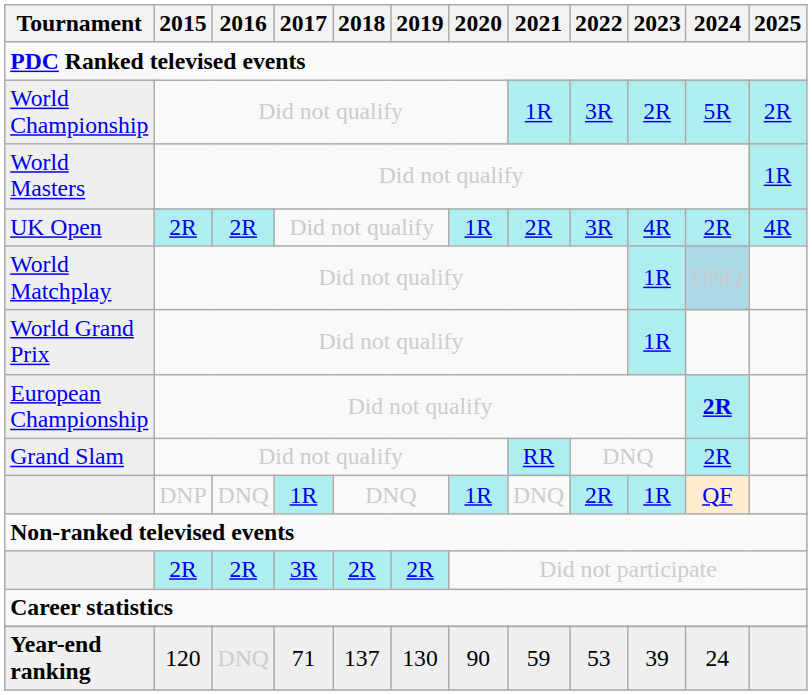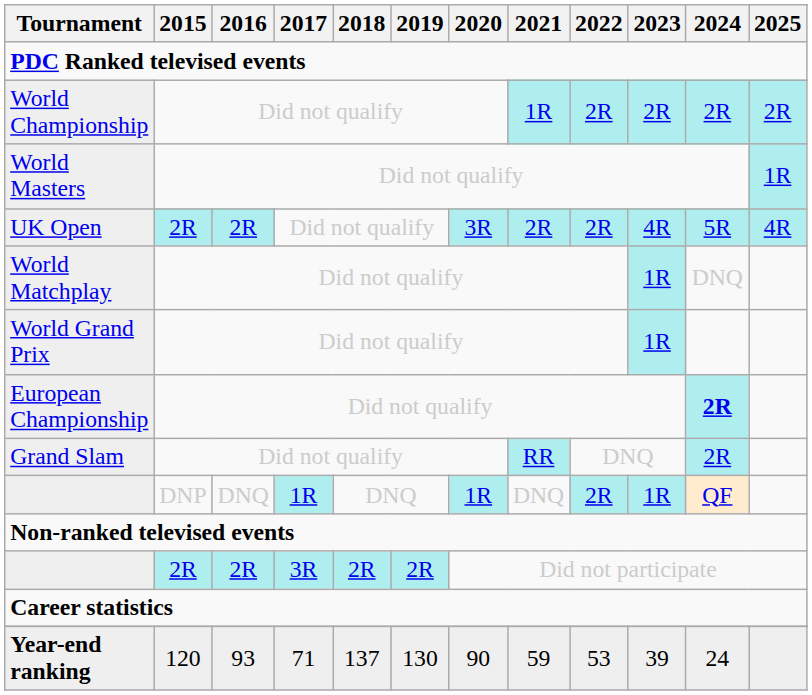 <table class="wikitable" style="width:20%; margin:0">
 <tr>
 <th>Tournament</th>
 <th>2015</th>
 <th>2016</th>
 <th>2017</th>
 <th>2018</th>
 <th>2019</th>
 <th>2020</th>
 <th>2021</th>
 <th>2022</th>
 <th>2023</th>
 <th>2024</th>
 <th>2025</th>
 </tr>
 <tr>
 <td colspan="31" align="left"><strong><a href='#'>PDC</a> Ranked televised events</strong></td>
 </tr>
 <tr>
 <td style="background:#efefef;"><a href='#'>World Championship</a></td>
 <td colspan="6" style="text-align:center; color:#ccc;">Did not qualify</td>
 <td style="text-align:center; background:#afeeee;"><a href='#'>1R</a></td>
-<td style="text-align:center; background:#afeeee;"><a href='#'>3R</a></td>
 <td style="text-align:center; background:#afeeee;"><a href='#'>2R</a></td>
-<td style="text-align:center; background:#afeeee;"><a href='#'>5R</a></td>
+<td style="text-align:center; background:#afeeee;"><a href='#'>2R</a></td>
+<td style="text-align:center; background:#afeeee;"><a href='#'>2R</a></td>
 <td style="text-align:center; background:#afeeee;"><a href='#'>2R</a></td>
 </tr>
 <tr>
 <td style="background:#efefef;"><a href='#'>World Masters</a></td>
 <td colspan="10" style="text-align:center; color:#ccc;">Did not qualify</td>
 <td style="text-align:center; background:#afeeee;"><a href='#'>1R</a></td>
 </tr>
 <tr>
 <td style="background:#efefef;"><a href='#'>UK Open</a></td>
 <td style="text-align:center; background:#afeeee;"><a href='#'>2R</a></td>
 <td style="text-align:center; background:#afeeee;"><a href='#'>2R</a></td>
 <td colspan="3" style="text-align:center; color:#ccc;">Did not qualify</td>
-<td style="text-align:center; background:#afeeee;"><a href='#'>1R</a></td>
+<td style="text-align:center; background:#afeeee;"><a href='#'>3R</a></td>
 <td style="text-align:center; background:#afeeee;"><a href='#'>2R</a></td>
-<td style="text-align:center; background:#afeeee;"><a href='#'>3R</a></td>
+<td style="text-align:center; background:#afeeee;"><a href='#'>2R</a></td>
 <td style="text-align:center; background:#afeeee;"><a href='#'>4R</a></td>
-<td style="text-align:center; background:#afeeee;"><a href='#'>2R</a></td>
+<td style="text-align:center; background:#afeeee;"><a href='#'>5R</a></td>
 <td style="text-align:center; background:#afeeee;"><a href='#'>4R</a></td>
 </tr>
 <tr>
 <td style="background:#efefef;"><a href='#'>World Matchplay</a></td>
 <td colspan="8" style="text-align:center; color:#ccc;">Did not qualify</td>
 <td style="text-align:center; background:#afeeee;"><a href='#'>1R</a></td>
-<td style="background: lightblue; color:#ccc; text-align:center; color:#ccc;">DNQ</td>
+<td style="color:#ccc; text-align:center; color:#ccc;">DNQ</td>
 <td></td>
 </tr>
 <tr>
 <td style="background:#efefef;"><a href='#'>World Grand Prix</a></td>
 <td colspan="8" style="text-align:center; color:#ccc;">Did not qualify</td>
 <td style="text-align:center; background:#afeeee;"><a href='#'>1R</a></td>
 <td></td>
 <td></td>
 </tr>
 <tr>
 <td style="background:#efefef;"><a href='#'>European Championship</a></td>
 <td colspan="9" style="text-align:center; color:#ccc;">Did not qualify</td>
 <td style="text-align:center; background:#afeeee;"><strong><a href='#'>2R</a></strong></td>
 <td></td>
 </tr>
 <tr>
 <td style="background:#efefef;"><a href='#'>Grand Slam</a></td>
 <td colspan="6" style="text-align:center; color:#ccc;">Did not qualify</td>
 <td style="text-align:center; background:#afeeee;"><a href='#'>RR</a></td>
 <td colspan="2" style="text-align:center; color:#ccc;">DNQ</td>
 <td style="text-align:center; background:#afeeee;"><a href='#'>2R</a></td>
 <td></td>
 </tr>
 <tr>
 <td style="background:#efefef;"></td>
 <td style="text-align:center; color:#ccc;">DNP</td>
 <td style="text-align:center; color:#ccc;">DNQ</td>
 <td style="text-align:center; background:#afeeee;"><a href='#'>1R</a></td>
 <td colspan="2" style="text-align:center; color:#ccc;">DNQ</td>
 <td style="text-align:center; background:#afeeee;"><a href='#'>1R</a></td>
 <td style="text-align:center; color:#ccc;">DNQ</td>
 <td style="text-align:center; background:#afeeee;"><a href='#'>2R</a></td>
 <td style="text-align:center; background:#afeeee;"><a href='#'>1R</a></td>
 <td style="text-align:center; background:#ffebcd;"><a href='#'>QF</a></td>
 <td></td>
 </tr>
 <tr>
 <td colspan="15" align="left"><strong>Non-ranked televised events</strong></td>
 </tr>
 <tr>
 <td style="background:#efefef;"></td>
 <td style="text-align:center; background:#afeeee;"><a href='#'>2R</a></td>
 <td style="text-align:center; background:#afeeee;"><a href='#'>2R</a></td>
 <td style="text-align:center; background:#afeeee;"><a href='#'>3R</a></td>
 <td style="text-align:center; background:#afeeee;"><a href='#'>2R</a></td>
 <td style="text-align:center; background:#afeeee;"><a href='#'>2R</a></td>
 <td colspan="6" style="text-align:center; color:#ccc;">Did not participate</td>
 </tr>
 <tr>
 <td colspan="14" align="left"><strong>Career statistics</strong></td>
 </tr>
 <tr>
 </tr>
 <tr bgcolor="efefef">
 <td align="left"><strong>Year-end ranking</strong></td>
 <td style="text-align:center;">120</td>
-<td style="text-align:center; color:#ccc;">DNQ</td>
+<td style="text-align:center;">93</td>
 <td style="text-align:center;">71</td>
 <td style="text-align:center;">137</td>
 <td style="text-align:center;">130</td>
 <td style="text-align:center;">90</td>
 <td style="text-align:center;">59</td>
 <td style="text-align:center;">53</td>
 <td style="text-align:center;">39</td>
 <td style="text-align:center;">24</td>
 <td></td>
 </tr>
 </table>
